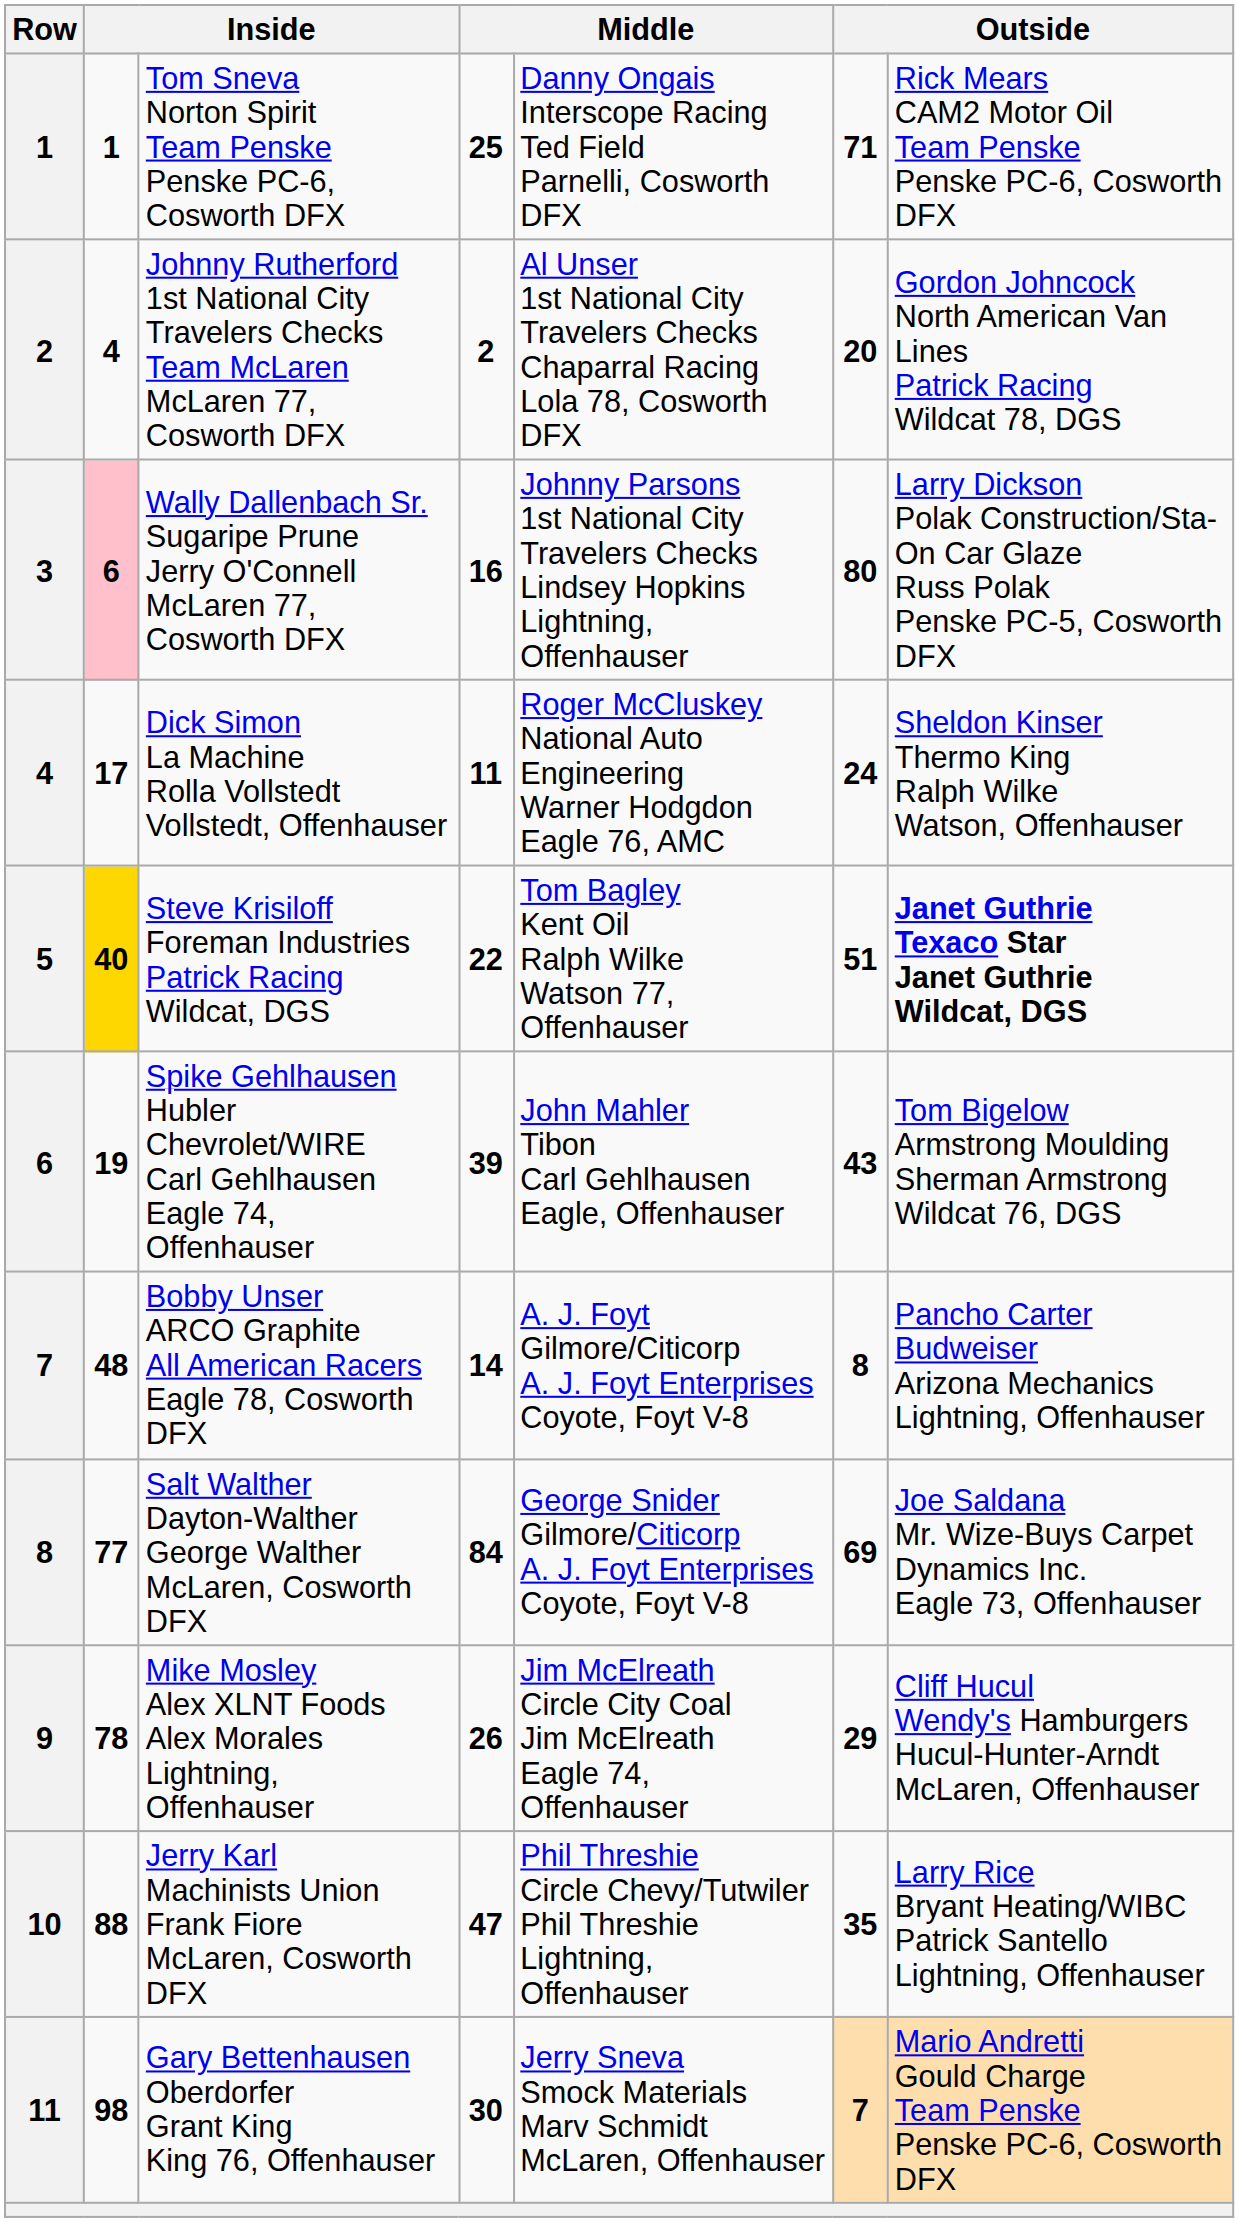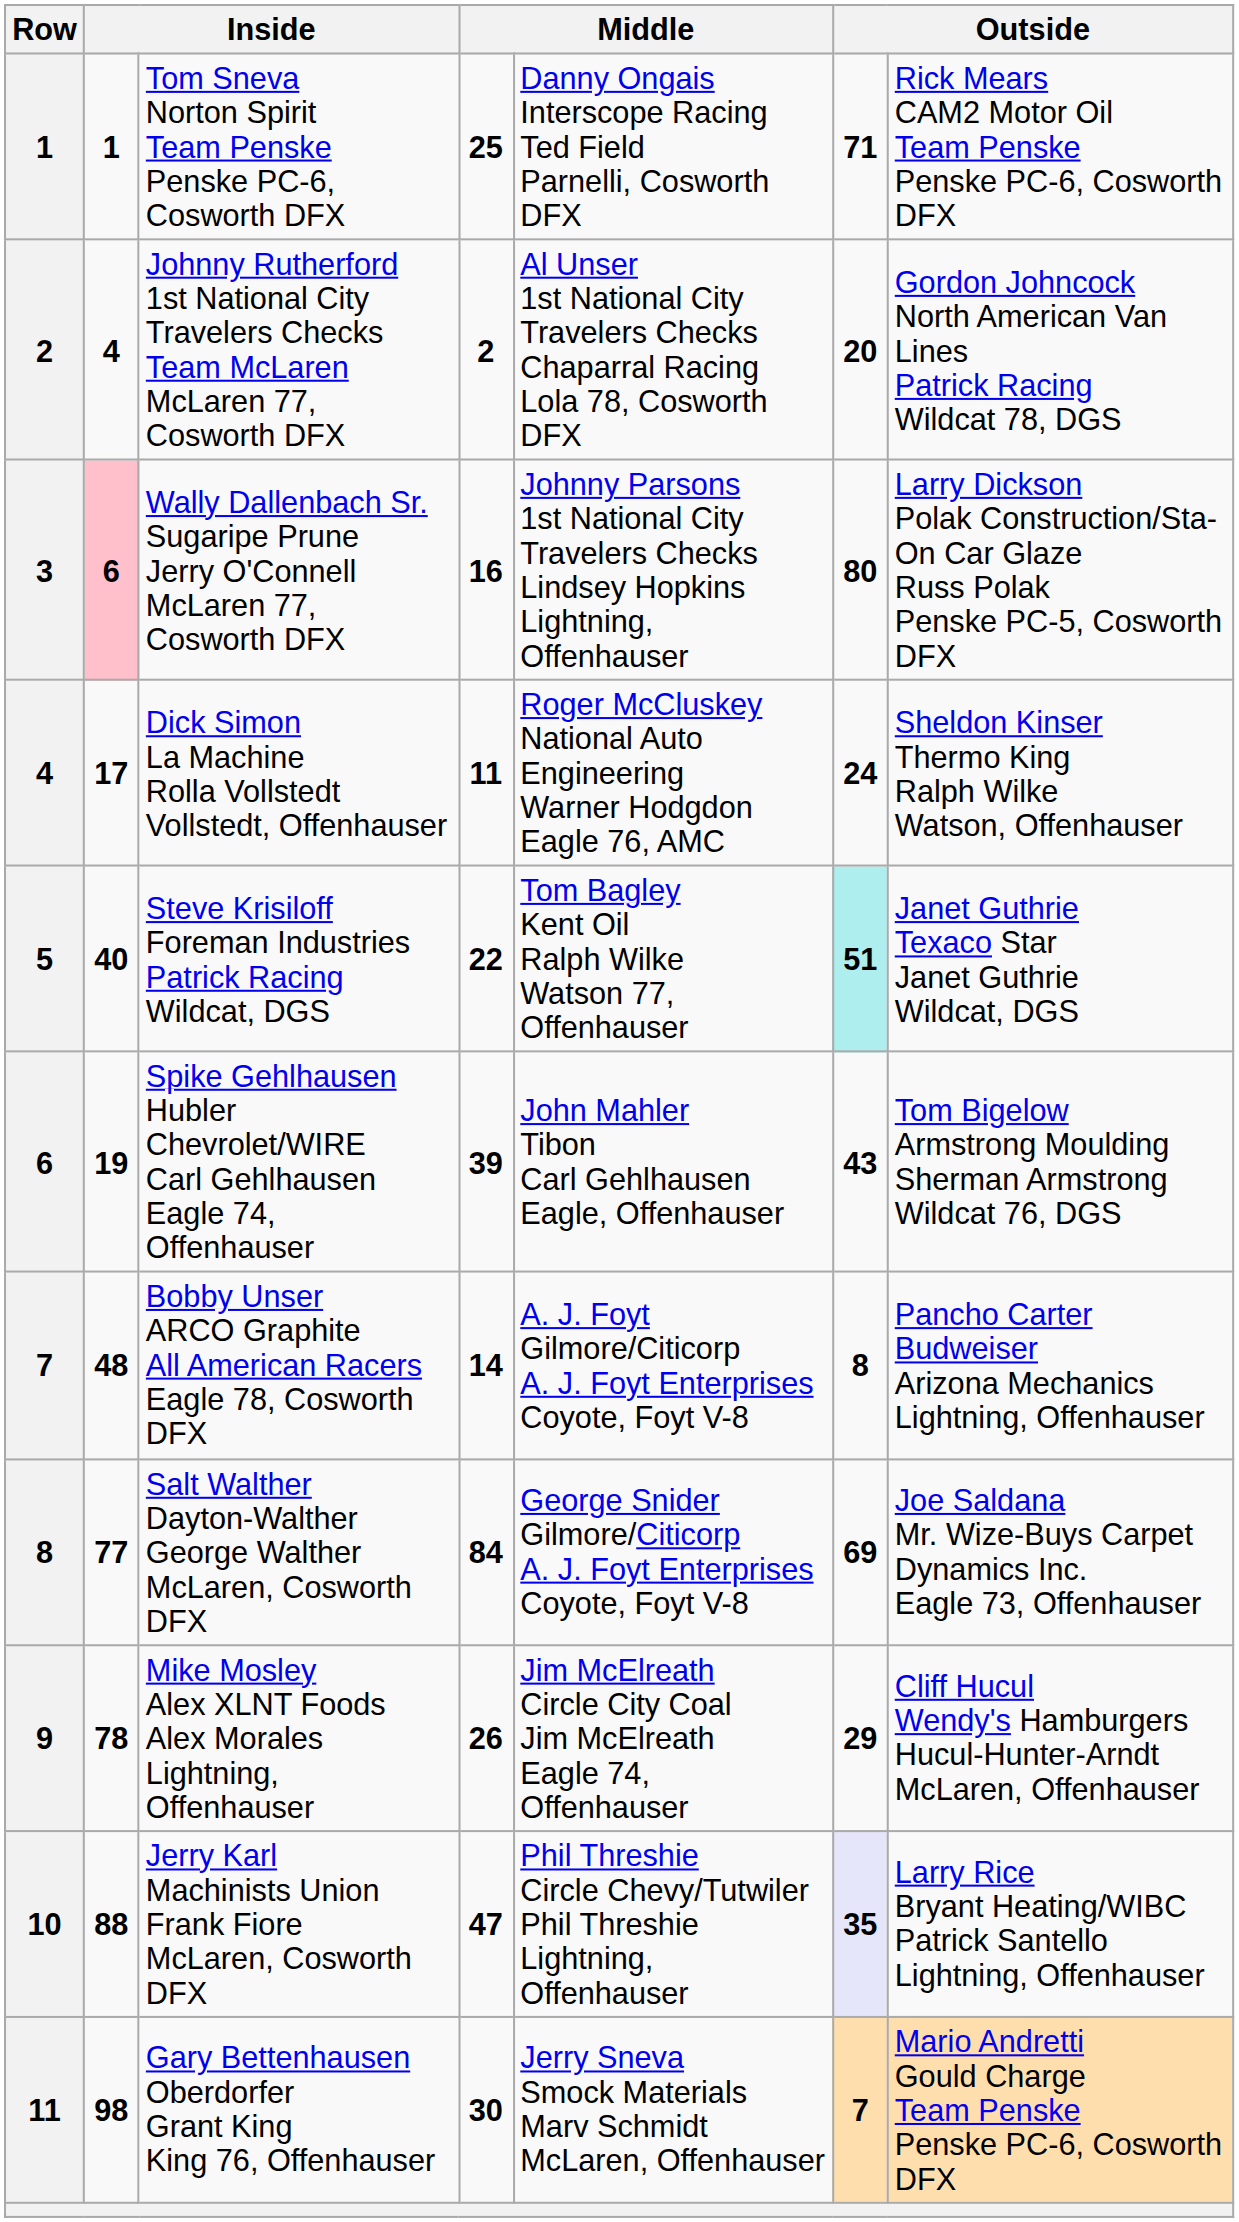 <table class="wikitable" style="font-size: 95%;">
 <tr>
 <th>Row</th>
 <th colspan=2 width="195">Inside</th>
 <th colspan=2 width="195">Middle</th>
 <th colspan=2 width="195">Outside</th>
 </tr>
 <tr>
 <th>1</th>
 <td align="center" width="20"><strong>1</strong></td>
 <td> <a href='#'>Tom Sneva</a><br>Norton Spirit<br><a href='#'>Team Penske</a><br>Penske PC-6, Cosworth DFX<br></td>
 <td align="center" width="20"><strong>25</strong></td>
 <td> <a href='#'>Danny Ongais</a><br>Interscope Racing<br>Ted Field<br>Parnelli, Cosworth DFX<br></td>
 <td align="center" width="20"><strong>71</strong></td>
 <td> <a href='#'>Rick Mears</a> <strong></strong><br>CAM2 Motor Oil<br><a href='#'>Team Penske</a><br>Penske PC-6, Cosworth DFX<br></td>
 </tr>
 <tr>
 <th>2</th>
 <td align="center" width="20"><strong>4</strong></td>
 <td> <a href='#'>Johnny Rutherford</a> <strong></strong><br>1st National City Travelers Checks<br><a href='#'>Team McLaren</a><br>McLaren 77, Cosworth DFX<br></td>
 <td align="center" width="20"><strong>2</strong></td>
 <td> <a href='#'>Al Unser</a> <strong></strong><br>1st National City Travelers Checks<br>Chaparral Racing<br>Lola 78, Cosworth DFX<br></td>
 <td align="center" width="20"><strong>20</strong></td>
 <td> <a href='#'>Gordon Johncock</a> <strong></strong><br>North American Van Lines<br><a href='#'>Patrick Racing</a><br>Wildcat 78, DGS<br></td>
 </tr>
 <tr>
 <th>3</th>
 <td align="center" width="20" style="background: pink;"><strong>6</strong></td>
 <td> <a href='#'>Wally Dallenbach Sr.</a><br>Sugaripe Prune<br>Jerry O'Connell<br>McLaren 77, Cosworth DFX<br></td>
 <td align="center" width="20"><strong>16</strong></td>
 <td> <a href='#'>Johnny Parsons</a><br>1st National City Travelers Checks<br>Lindsey Hopkins<br>Lightning, Offenhauser<br></td>
 <td align="center" width="20"><strong>80</strong></td>
 <td> <a href='#'>Larry Dickson</a><br>Polak Construction/Sta-On Car Glaze<br>Russ Polak<br>Penske PC-5, Cosworth DFX<br></td>
 </tr>
 <tr>
 <th>4</th>
 <td align="center" width="20"><strong>17</strong></td>
 <td> <a href='#'>Dick Simon</a><br>La Machine<br>Rolla Vollstedt<br>Vollstedt, Offenhauser<br></td>
 <td align="center" width="20"><strong>11</strong></td>
 <td> <a href='#'>Roger McCluskey</a><br>National Auto Engineering<br>Warner Hodgdon<br>Eagle 76, AMC<br></td>
 <td align="center" width="20"><strong>24</strong></td>
 <td> <a href='#'>Sheldon Kinser</a><br>Thermo King<br>Ralph Wilke<br>Watson, Offenhauser<br></td>
 </tr>
 <tr>
 <th>5</th>
-<td align="center" width="20" style="background: gold;"><strong>40</strong></td>
+<td align="center" width="20"><strong>40</strong></td>
 <td>  <a href='#'>Steve Krisiloff</a><br>Foreman Industries<br><a href='#'>Patrick Racing</a><br>Wildcat, DGS<br></td>
 <td align="center" width="20"><strong>22</strong></td>
 <td> <a href='#'>Tom Bagley</a> <strong></strong><br>Kent Oil<br>Ralph Wilke<br>Watson 77, Offenhauser<br></td>
-<td align="center" width="20"><strong>51</strong></td>
-<td><strong> <a href='#'>Janet Guthrie</a><br><a href='#'>Texaco</a> Star<br>Janet Guthrie<br>Wildcat, DGS<br></strong></td>
+<td align="center" width="20" style="background: paleturquoise;"><strong>51</strong></td>
+<td> <a href='#'>Janet Guthrie</a><br><a href='#'>Texaco</a> Star<br>Janet Guthrie<br>Wildcat, DGS<br></td>
 </tr>
 <tr>
 <th>6</th>
 <td align="center" width="20"><strong>19</strong></td>
 <td> <a href='#'>Spike Gehlhausen</a><br>Hubler Chevrolet/WIRE<br>Carl Gehlhausen<br>Eagle 74, Offenhauser<br></td>
 <td align="center" width="20"><strong>39</strong></td>
 <td> <a href='#'>John Mahler</a><br>Tibon<br>Carl Gehlhausen<br>Eagle, Offenhauser<br></td>
 <td align="center" width="20"><strong>43</strong></td>
 <td> <a href='#'>Tom Bigelow</a><br>Armstrong Moulding<br>Sherman Armstrong<br>Wildcat 76, DGS<br></td>
 </tr>
 <tr>
 <th>7</th>
 <td align="center" width="20"><strong>48</strong></td>
 <td>  <a href='#'>Bobby Unser</a> <strong></strong><br>ARCO Graphite<br><a href='#'>All American Racers</a><br>Eagle 78, Cosworth DFX<br></td>
 <td align="center" width="20"><strong>14</strong></td>
 <td> <a href='#'>A. J. Foyt</a> <strong></strong><br>Gilmore/Citicorp<br><a href='#'>A. J. Foyt Enterprises</a><br>Coyote, Foyt V-8<br></td>
 <td align="center" width="20"><strong>8</strong></td>
 <td> <a href='#'>Pancho Carter</a><br><a href='#'>Budweiser</a><br>Arizona Mechanics<br>Lightning, Offenhauser<br></td>
 </tr>
 <tr>
 <th>8</th>
 <td align="center" width="20"><strong>77</strong></td>
 <td> <a href='#'>Salt Walther</a><br>Dayton-Walther<br>George Walther<br>McLaren, Cosworth DFX<br></td>
 <td align="center" width="20"><strong>84</strong></td>
 <td> <a href='#'>George Snider</a><br>Gilmore/<a href='#'>Citicorp</a><br><a href='#'>A. J. Foyt Enterprises</a><br>Coyote, Foyt V-8<br></td>
 <td align="center" width="20"><strong>69</strong></td>
 <td> <a href='#'>Joe Saldana</a> <strong></strong><br>Mr. Wize-Buys Carpet<br>Dynamics Inc.<br>Eagle 73, Offenhauser<br></td>
 </tr>
 <tr>
 <th>9</th>
 <td align="center" width="20"><strong>78</strong></td>
 <td> <a href='#'>Mike Mosley</a><br>Alex XLNT Foods<br>Alex Morales<br>Lightning, Offenhauser<br></td>
 <td align="center" width="20"><strong>26</strong></td>
 <td> <a href='#'>Jim McElreath</a><br>Circle City Coal<br>Jim McElreath<br>Eagle 74, Offenhauser<br></td>
 <td align="center" width="20"><strong>29</strong></td>
 <td> <a href='#'>Cliff Hucul</a><br><a href='#'>Wendy's</a> Hamburgers<br>Hucul-Hunter-Arndt<br>McLaren, Offenhauser<br></td>
 </tr>
 <tr>
 <th>10</th>
 <td align="center" width="20"><strong>88</strong></td>
 <td>  <a href='#'>Jerry Karl</a><br>Machinists Union<br>Frank Fiore<br>McLaren, Cosworth DFX<br></td>
 <td align="center" width="20"><strong>47</strong></td>
 <td> <a href='#'>Phil Threshie</a> <strong></strong><br>Circle Chevy/Tutwiler<br>Phil Threshie<br>Lightning, Offenhauser<br></td>
-<td align="center" width="20"><strong>35</strong></td>
+<td align="center" width="20" style="background: lavender;"><strong>35</strong></td>
 <td> <a href='#'>Larry Rice</a> <strong></strong><br>Bryant Heating/WIBC<br>Patrick Santello<br>Lightning, Offenhauser<br></td>
 </tr>
 <tr>
 <th>11</th>
 <td align="center" width="20"><strong>98</strong></td>
 <td> <a href='#'>Gary Bettenhausen</a><br>Oberdorfer<br>Grant King<br>King 76, Offenhauser<br></td>
 <td align="center" width="20"><strong>30</strong></td>
 <td> <a href='#'>Jerry Sneva</a><br>Smock Materials<br>Marv Schmidt<br>McLaren, Offenhauser<br></td>
 <td style="background:NavajoWhite" align="center" width="20"><strong>7</strong></td>
 <td style="background:NavajoWhite"> <a href='#'>Mario Andretti</a> <strong></strong><br>Gould Charge<br><a href='#'>Team Penske</a><br>Penske PC-6, Cosworth DFX<br></td>
 </tr>
 <tr>
 <th colspan=10></th>
 </tr>
 </table>
